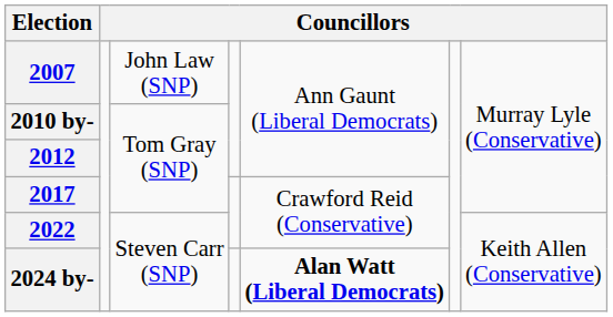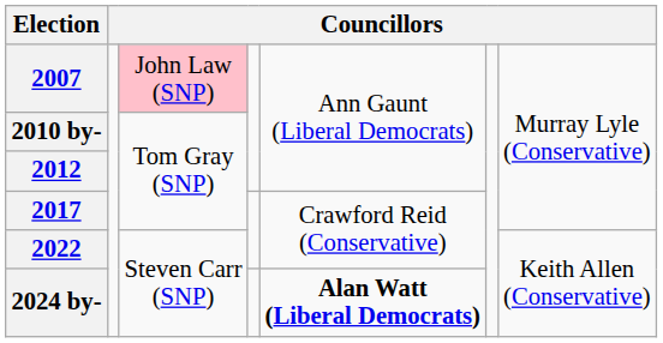 <table class="wikitable" style="text-align:center">
 <tr>
 <th>Election</th>
 <th colspan=8>Councillors</th>
 </tr>
 <tr>
 <th><a href='#'>2007</a></th>
 <td rowspan=6; style="background-color: "></td>
-<td rowspan=1>John Law<br>(<a href='#'>SNP</a>)</td>
+<td rowspan=1 style="background: pink;">John Law<br>(<a href='#'>SNP</a>)</td>
 <td rowspan=3; style="background-color: "></td>
 <td rowspan=3>Ann Gaunt<br>(<a href='#'>Liberal Democrats</a>)</td>
 <td rowspan=6; style="background-color: "></td>
 <td rowspan=4>Murray Lyle<br>(<a href='#'>Conservative</a>)</td>
 </tr>
 <tr>
 <th>2010 by-</th>
 <td rowspan=3>Tom Gray<br>(<a href='#'>SNP</a>)</td>
 </tr>
 <tr>
 <th><a href='#'>2012</a></th>
 </tr>
 <tr>
 <th><a href='#'>2017</a></th>
 <td rowspan=2; style="background-color: "></td>
 <td rowspan=2>Crawford Reid<br>(<a href='#'>Conservative</a>)</td>
 </tr>
 <tr>
 <th><a href='#'>2022</a></th>
 <td rowspan=2>Steven Carr<br>(<a href='#'>SNP</a>)</td>
 <td rowspan=2>Keith Allen<br>(<a href='#'>Conservative</a>)</td>
 </tr>
 <tr>
 <th>2024 by-</th>
 <td rowspan=1; style="background-color: "></td>
 <td rowspan=1><strong>Alan Watt<br>(<a href='#'>Liberal Democrats</a>)</strong></td>
 </tr>
 </table>
